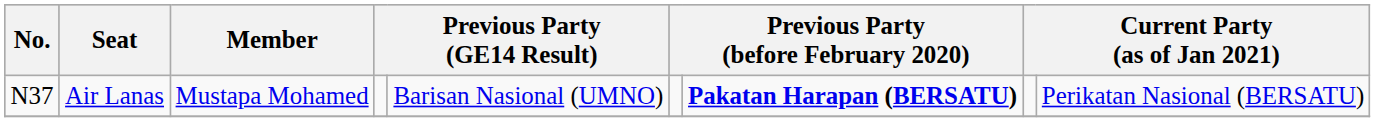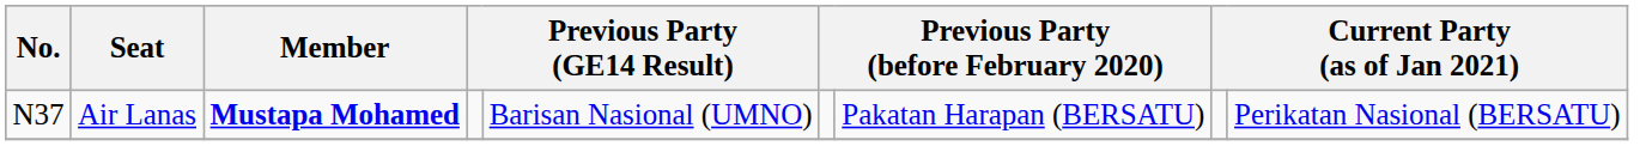 <table class="wikitable sortable mw-collapsible mw-collapsed" style="font-size:95%;">
 <tr>
 <th scope="col">No.</th>
 <th scope="col">Seat</th>
 <th scope="col">Member</th>
 <th colspan="2" scope="col">Previous Party<br>(GE14 Result)</th>
 <th colspan="2" scope="col">Previous Party<br>(before February 2020)</th>
 <th colspan="2" scope="col">Current Party<br>(as of Jan 2021)</th>
 </tr>
 <tr>
 <td>N37</td>
 <td><a href='#'>Air Lanas</a></td>
-<td><a href='#'>Mustapa Mohamed</a></td>
+<td><strong><a href='#'>Mustapa Mohamed</a></strong></td>
 <td width="1"></td>
 <td><a href='#'>Barisan Nasional</a> (<a href='#'>UMNO</a>)</td>
 <td width="1"></td>
-<td><strong><a href='#'>Pakatan Harapan</a> (<a href='#'>BERSATU</a>)</strong></td>
+<td><a href='#'>Pakatan Harapan</a> (<a href='#'>BERSATU</a>)</td>
 <td width="1"></td>
 <td><a href='#'>Perikatan Nasional</a> (<a href='#'>BERSATU</a>)</td>
 </tr>
 <tr>
 </tr>
 </table>
